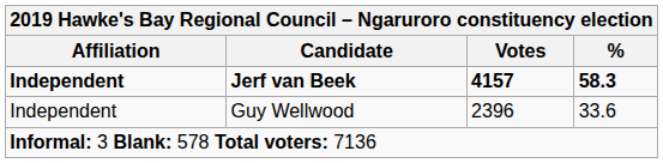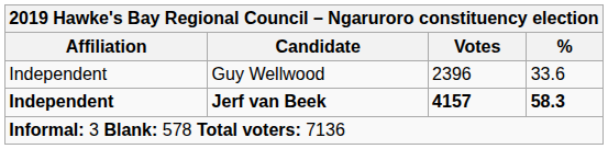 <table class="wikitable">
 <tr>
 <th colspan="4">2019 Hawke's Bay Regional Council – Ngaruroro constituency election</th>
 </tr>
 <tr>
 <th>Affiliation</th>
 <th>Candidate</th>
 <th>Votes</th>
 <th>%</th>
 </tr>
 <tr>
+<td>Independent</td>
+<td>Guy Wellwood</td>
+<td>2396</td>
+<td>33.6</td>
+</tr>
+<tr>
 <td><strong>Independent</strong></td>
 <td><strong>Jerf van Beek</strong></td>
 <td><strong>4157</strong></td>
 <td><strong>58.3</strong></td>
 </tr>
 <tr>
-<td>Independent</td>
-<td>Guy Wellwood</td>
-<td>2396</td>
-<td>33.6</td>
-</tr>
-<tr>
 <td colspan="4"><strong>Informal:</strong> 3    <strong>Blank:</strong> 578    <strong>Total voters:</strong> 7136</td>
 </tr>
 </table>
